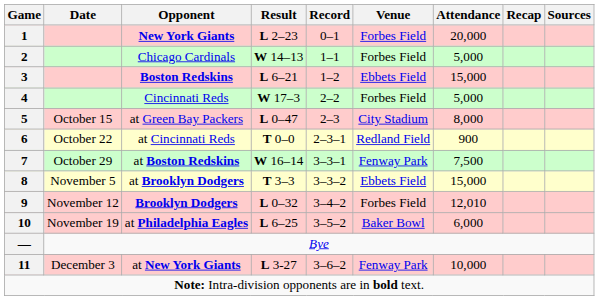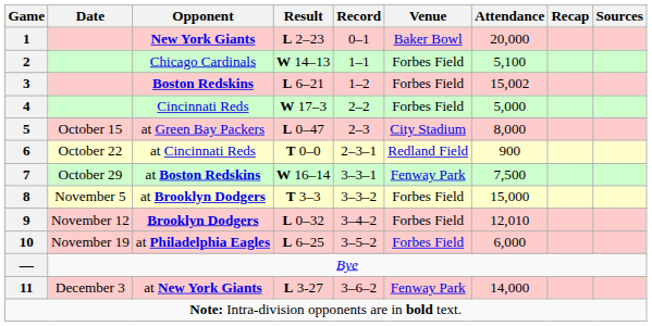 <table class="wikitable" style="text-align:center">
 <tr>
 <th>Game</th>
 <th>Date</th>
 <th>Opponent</th>
 <th>Result</th>
 <th>Record</th>
 <th>Venue</th>
 <th>Attendance</th>
 <th>Recap</th>
 <th>Sources</th>
 </tr>
 <tr style="background:#fcc">
 <th>1</th>
 <td></td>
 <td><strong><a href='#'>New York Giants</a></strong></td>
 <td><strong>L</strong> 2–23</td>
 <td>0–1</td>
-<td><a href='#'>Forbes Field</a></td>
+<td><a href='#'>Baker Bowl</a></td>
 <td>20,000</td>
 <td></td>
 <td></td>
 </tr>
 <tr style="background:#cfc">
 <th>2</th>
 <td></td>
 <td><a href='#'>Chicago Cardinals</a></td>
 <td><strong>W</strong> 14–13</td>
 <td>1–1</td>
 <td>Forbes Field</td>
-<td>5,000</td>
+<td>5,100</td>
 <td></td>
 <td></td>
 </tr>
 <tr style="background:#fcc">
 <th>3</th>
 <td></td>
 <td><strong><a href='#'>Boston Redskins</a></strong></td>
 <td><strong>L</strong> 6–21</td>
 <td>1–2</td>
-<td><a href='#'>Ebbets Field</a></td>
-<td>15,000</td>
+<td>Forbes Field</td>
+<td>15,002</td>
 <td></td>
 <td></td>
 </tr>
 <tr style="background:#cfc">
 <th>4</th>
 <td></td>
 <td><a href='#'>Cincinnati Reds</a></td>
 <td><strong>W</strong> 17–3</td>
 <td>2–2</td>
 <td>Forbes Field</td>
 <td>5,000</td>
 <td></td>
 <td></td>
 </tr>
 <tr style="background:#fcc">
 <th>5</th>
 <td>October 15</td>
 <td>at <a href='#'>Green Bay Packers</a></td>
 <td><strong>L</strong> 0–47</td>
 <td>2–3</td>
 <td><a href='#'>City Stadium</a></td>
 <td>8,000</td>
 <td></td>
 <td></td>
 </tr>
 <tr style="background:#ffc">
 <th>6</th>
 <td>October 22</td>
 <td>at <a href='#'>Cincinnati Reds</a></td>
 <td><strong>T</strong> 0–0</td>
 <td>2–3–1</td>
 <td><a href='#'>Redland Field</a></td>
 <td>900</td>
 <td></td>
 <td></td>
 </tr>
 <tr style="background:#cfc">
 <th>7</th>
 <td>October 29</td>
 <td>at <strong><a href='#'>Boston Redskins</a></strong></td>
 <td><strong>W</strong> 16–14</td>
 <td>3–3–1</td>
 <td><a href='#'>Fenway Park</a></td>
 <td>7,500</td>
 <td></td>
 <td></td>
 </tr>
 <tr style="background:#ffc">
 <th>8</th>
 <td>November 5</td>
 <td>at <strong><a href='#'>Brooklyn Dodgers</a></strong></td>
 <td><strong>T</strong> 3–3</td>
 <td>3–3–2</td>
-<td><a href='#'>Ebbets Field</a></td>
+<td>Forbes Field</td>
 <td>15,000</td>
 <td></td>
 <td></td>
 </tr>
 <tr style="background:#fcc">
 <th>9</th>
 <td>November 12</td>
 <td><strong><a href='#'>Brooklyn Dodgers</a></strong></td>
 <td><strong>L</strong> 0–32</td>
 <td>3–4–2</td>
 <td>Forbes Field</td>
 <td>12,010</td>
 <td></td>
 <td></td>
 </tr>
 <tr style="background:#fcc">
 <th>10</th>
 <td>November 19</td>
 <td>at <strong><a href='#'>Philadelphia Eagles</a></strong></td>
 <td><strong>L</strong> 6–25</td>
 <td>3–5–2</td>
-<td><a href='#'>Baker Bowl</a></td>
+<td><a href='#'>Forbes Field</a></td>
 <td>6,000</td>
 <td></td>
 <td></td>
 </tr>
 <tr>
 <th>—</th>
 <td colspan="8"><em><a href='#'>Bye</a></em></td>
 </tr>
 <tr style="background:#fcc">
 <th>11</th>
 <td>December 3</td>
 <td>at <strong><a href='#'>New York Giants</a></strong></td>
 <td><strong>L</strong> 3-27</td>
 <td>3–6–2</td>
 <td><a href='#'>Fenway Park</a></td>
-<td>10,000</td>
+<td>14,000</td>
 <td></td>
 <td></td>
 </tr>
 <tr>
 <td colspan="10"><strong>Note:</strong> Intra-division opponents are in <strong>bold</strong> text.</td>
 </tr>
 </table>
